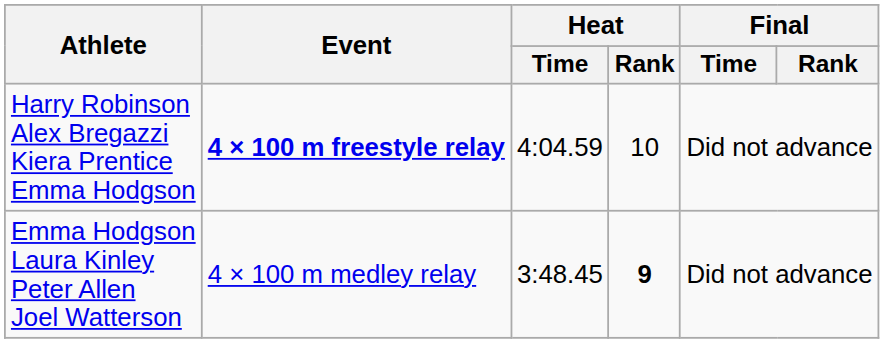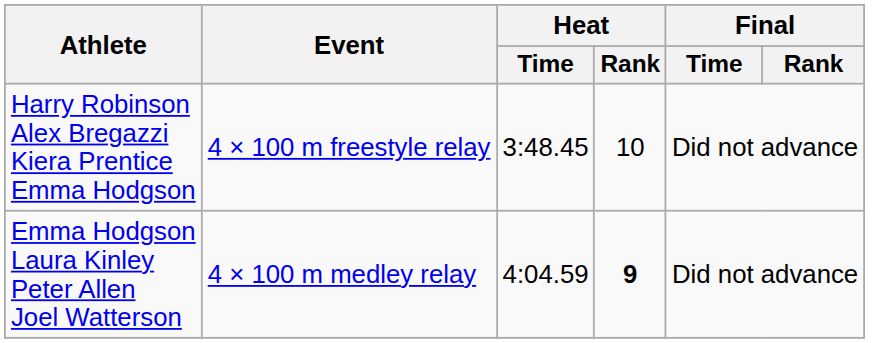 <table class=wikitable style=font-size:90%>
 <tr>
 <th rowspan=2>Athlete</th>
 <th rowspan=2>Event</th>
 <th colspan=2>Heat</th>
 <th colspan=2>Final</th>
 </tr>
 <tr style=font-size:95%>
 <th>Time</th>
 <th>Rank</th>
 <th>Time</th>
 <th>Rank</th>
 </tr>
 <tr align=center>
 <td align=left><a href='#'>Harry Robinson</a><br><a href='#'>Alex Bregazzi</a><br><a href='#'>Kiera Prentice</a><br><a href='#'>Emma Hodgson</a></td>
-<td align=left><strong><a href='#'>4 × 100 m freestyle relay</a></strong></td>
-<td>4:04.59</td>
+<td align=left><a href='#'>4 × 100 m freestyle relay</a></td>
+<td>3:48.45</td>
 <td>10</td>
 <td colspan=2>Did not advance</td>
 </tr>
 <tr align=center>
 <td align=left><a href='#'>Emma Hodgson</a><br><a href='#'>Laura Kinley</a><br><a href='#'>Peter Allen</a><br><a href='#'>Joel Watterson</a></td>
 <td align=left><a href='#'>4 × 100 m medley relay</a></td>
-<td>3:48.45</td>
+<td>4:04.59</td>
 <td><strong>9</strong></td>
 <td colspan=2>Did not advance</td>
 </tr>
 </table>
